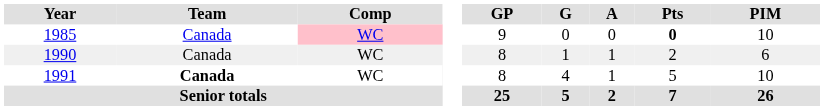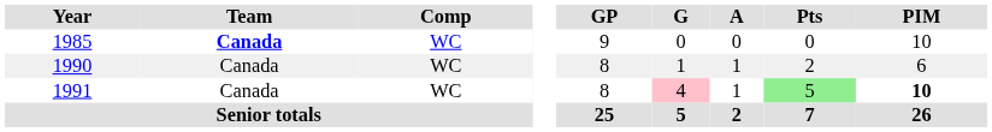 <table border="0" cellpadding="1" cellspacing="0" style="text-align:center; width:50em">
 <tr style="background:#e0e0e0;">
 <th>Year</th>
 <th>Team</th>
 <th>Comp</th>
 <th rowspan="99" style="background:#fff;"> </th>
 <th>GP</th>
 <th>G</th>
 <th>A</th>
 <th>Pts</th>
 <th>PIM</th>
 </tr>
 <tr>
 <td><a href='#'>1985</a></td>
-<td><a href='#'>Canada</a></td>
-<td style="background: pink;"><a href='#'>WC</a></td>
+<td><strong><a href='#'>Canada</a></strong></td>
+<td><a href='#'>WC</a></td>
 <td>9</td>
 <td>0</td>
 <td>0</td>
-<td><strong>0</strong></td>
+<td>0</td>
 <td>10</td>
 </tr>
 <tr bgcolor="#f0f0f0">
 <td><a href='#'>1990</a></td>
 <td>Canada</td>
 <td>WC</td>
 <td>8</td>
 <td>1</td>
 <td>1</td>
 <td>2</td>
 <td>6</td>
 </tr>
 <tr>
 <td><a href='#'>1991</a></td>
-<td><strong>Canada</strong></td>
+<td>Canada</td>
 <td>WC</td>
 <td>8</td>
-<td>4</td>
+<td style="background: pink;">4</td>
 <td>1</td>
-<td>5</td>
-<td>10</td>
+<td style="background: lightgreen;">5</td>
+<td><strong>10</strong></td>
 </tr>
 <tr bgcolor="#e0e0e0">
 <th colspan="3">Senior totals</th>
 <th>25</th>
 <th>5</th>
 <th>2</th>
 <th>7</th>
 <th>26</th>
 </tr>
 </table>
